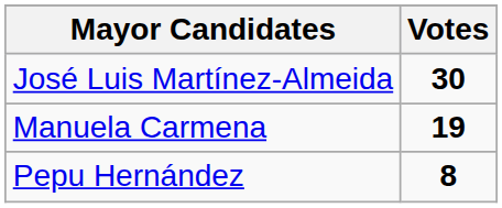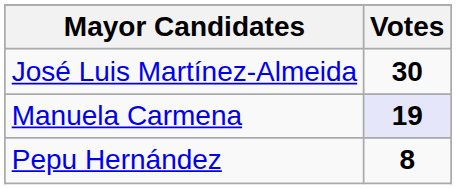 <table class="wikitable" style="margin:1em auto;">
 <tr>
 </tr>
 <tr style="background:#E6ECFF; color:#000; font-size:100%">
 <th>Mayor Candidates</th>
 <th>Votes</th>
 </tr>
 <tr>
 <td><a href='#'>José Luis Martínez-Almeida</a></td>
 <td align="center"><strong>30</strong></td>
 </tr>
 <tr>
 <td><a href='#'>Manuela Carmena</a></td>
-<td align="center"><strong>19</strong></td>
+<td align="center" style="background: lavender;"><strong>19</strong></td>
 </tr>
 <tr>
 <td><a href='#'>Pepu Hernández</a></td>
 <td align="center"><strong>8</strong></td>
 </tr>
 </table>
